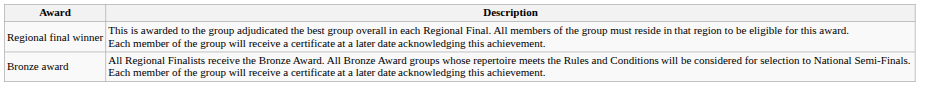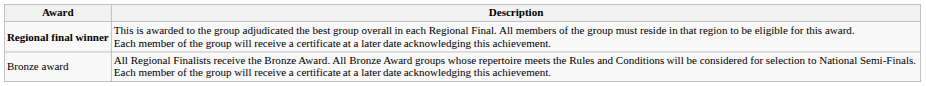 <table class="wikitable">
 <tr>
 <th>Award</th>
 <th>Description</th>
 </tr>
 <tr>
-<td>Regional final winner</td>
+<td><strong>Regional final winner</strong></td>
 <td>This is awarded to the group adjudicated the best group overall in each Regional Final. All members of the group must reside in that region to be eligible for this award. <br>Each member of the group will receive a certificate at a later date acknowledging this achievement. </td>
 </tr>
 <tr>
 <td>Bronze award</td>
 <td>All Regional Finalists receive the Bronze Award. All Bronze Award groups whose repertoire meets the Rules and Conditions will be considered for selection to National Semi-Finals. <br>Each member of the group will receive a certificate at a later date acknowledging this achievement. </td>
 </tr>
 </table>
